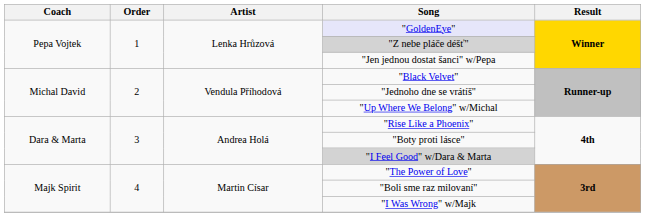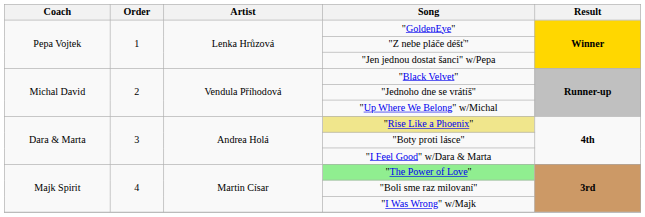 <table class="wikitable" style="text-align:center; width:80%;">
 <tr>
 <th width="10%">Coach</th>
 <th width="05%">Order</th>
 <th width="15%">Artist</th>
 <th width="20%">Song</th>
 <th width="10%">Result</th>
 </tr>
 <tr>
 <td rowspan=3>Pepa Vojtek</td>
 <td rowspan=3>1</td>
 <td rowspan=3>Lenka Hrůzová</td>
-<td rowspan=1 style="background: lavender;">"<a href='#'>GoldenEye</a>"</td>
+<td rowspan=1>"<a href='#'>GoldenEye</a>"</td>
 <td rowspan=3 style="background:gold"><strong>Winner</strong></td>
 </tr>
 <tr>
-<td rowspan=1 style="background: lightgrey;">"Z nebe pláče déšť"</td>
+<td rowspan=1>"Z nebe pláče déšť"</td>
 </tr>
 <tr>
 <td rowspan=1>"Jen jednou dostat šanci" w/Pepa</td>
 </tr>
 <tr>
 <td rowspan=3>Michal David</td>
 <td rowspan=3>2</td>
 <td rowspan=3>Vendula Příhodová</td>
 <td rowspan=1>"<a href='#'>Black Velvet</a>"</td>
 <td rowspan=3 style="background:silver"><strong>Runner-up</strong></td>
 </tr>
 <tr>
 <td rowspan=1>"Jednoho dne se vrátíš"</td>
 </tr>
 <tr>
 <td rowspan=1>"<a href='#'>Up Where We Belong</a>" w/Michal</td>
 </tr>
 <tr>
 <td rowspan=3>Dara & Marta</td>
 <td rowspan=3>3</td>
 <td rowspan=3>Andrea Holá</td>
-<td rowspan=1>"<a href='#'>Rise Like a Phoenix</a>"</td>
+<td rowspan=1 style="background: khaki;">"<a href='#'>Rise Like a Phoenix</a>"</td>
 <td rowspan=3><strong>4th</strong></td>
 </tr>
 <tr>
 <td rowspan=1>"Boty proti lásce"</td>
 </tr>
 <tr>
-<td rowspan=1 style="background: lightgrey;">"<a href='#'>I Feel Good</a>" w/Dara & Marta</td>
+<td rowspan=1>"<a href='#'>I Feel Good</a>" w/Dara & Marta</td>
 </tr>
 <tr>
 <td rowspan=3>Majk Spirit</td>
 <td rowspan=3>4</td>
 <td rowspan=3>Martin Císar</td>
-<td rowspan=1>"<a href='#'>The Power of Love</a>"</td>
+<td rowspan=1 style="background: lightgreen;">"<a href='#'>The Power of Love</a>"</td>
 <td rowspan=3 style="background:#c96"><strong>3rd</strong></td>
 </tr>
 <tr>
 <td rowspan=1>"Boli sme raz milovaní"</td>
 </tr>
 <tr>
 <td rowspan=1>"<a href='#'>I Was Wrong</a>" w/Majk</td>
 </tr>
 <tr>
 </tr>
 </table>
